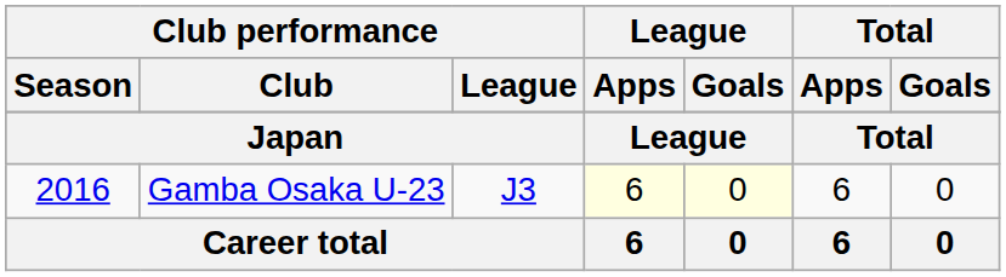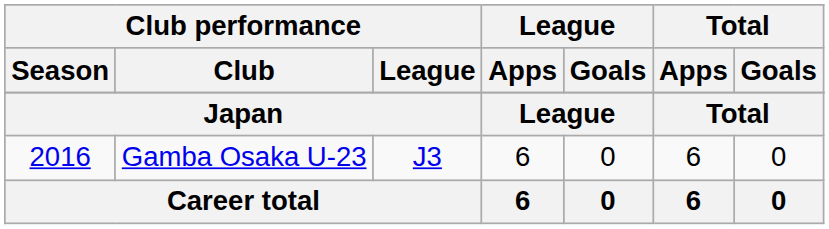 <table class="wikitable" style="text-align:center">
 <tr>
 <th colspan=3>Club performance</th>
 <th colspan=2>League</th>
 <th colspan=2>Total</th>
 </tr>
 <tr>
 <th>Season</th>
 <th>Club</th>
 <th>League</th>
 <th>Apps</th>
 <th>Goals</th>
 <th>Apps</th>
 <th>Goals</th>
 </tr>
 <tr>
 </tr>
 <tr>
 <th colspan=3>Japan</th>
 <th colspan=2>League</th>
 <th colspan=2>Total</th>
 </tr>
 <tr>
 <td><a href='#'>2016</a></td>
 <td rowspan="1"><a href='#'>Gamba Osaka U-23</a></td>
 <td rowspan="1"><a href='#'>J3</a></td>
-<td style="background: lightyellow;">6</td>
-<td style="background: lightyellow;">0</td>
+<td>6</td>
+<td>0</td>
 <td>6</td>
 <td>0</td>
 </tr>
 <tr>
 <th colspan=3>Career total</th>
 <th>6</th>
 <th>0</th>
 <th>6</th>
 <th>0</th>
 </tr>
 </table>
